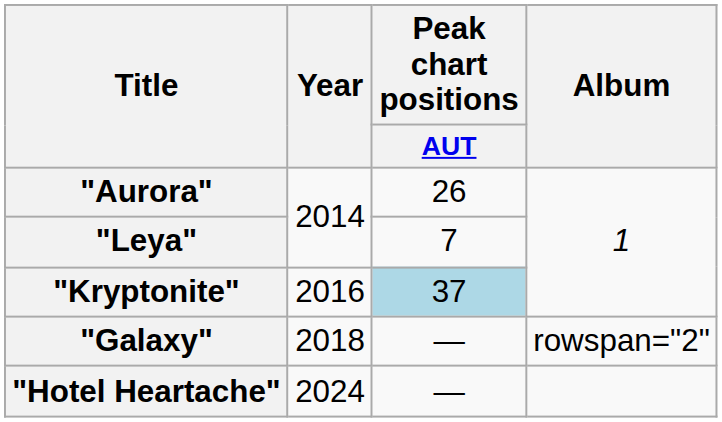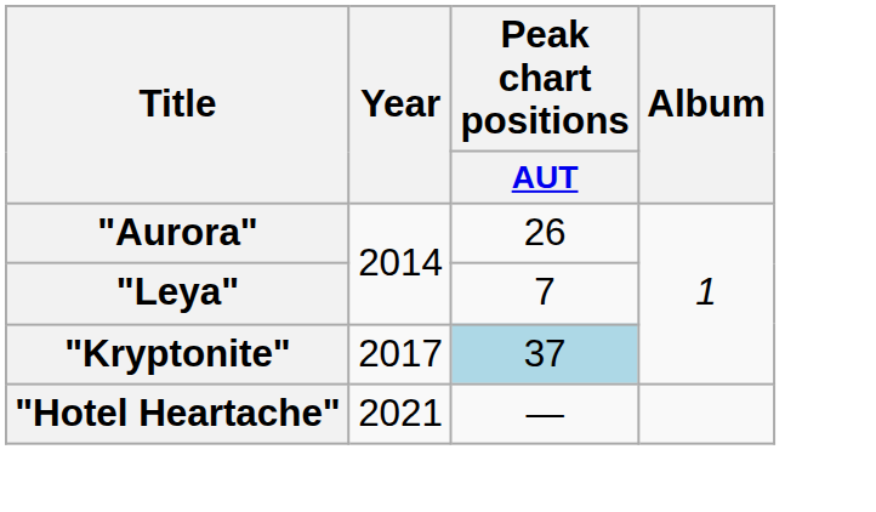 <table class="wikitable plainrowheaders" style="text-align:center;" border="1">
 <tr>
 <th scope="col" rowspan="2">Title</th>
 <th scope="col" rowspan="2">Year</th>
 <th scope="col">Peak chart positions</th>
 <th scope="col" rowspan="2">Album</th>
 </tr>
 <tr>
 <th scope="col" style="width:3em;font-size:85%;"><a href='#'>AUT</a><br></th>
 </tr>
 <tr>
 <th scope="row">"Aurora"</th>
 <td rowspan="2">2014</td>
 <td>26</td>
 <td rowspan="3"><em>1</em></td>
 </tr>
 <tr>
 <th scope="row">"Leya"</th>
 <td>7</td>
 </tr>
 <tr>
 <th scope="row">"Kryptonite"</th>
-<td>2016</td>
+<td>2017</td>
 <td style="background: lightblue;">37</td>
 </tr>
 <tr>
-<th scope="row">"Galaxy"</th>
-<td>2018</td>
-<td>—</td>
-<td>rowspan="2" </td>
-</tr>
-<tr>
 <th scope="row">"Hotel Heartache"</th>
-<td>2024</td>
+<td>2021</td>
 <td>—</td>
 </tr>
 </table>
